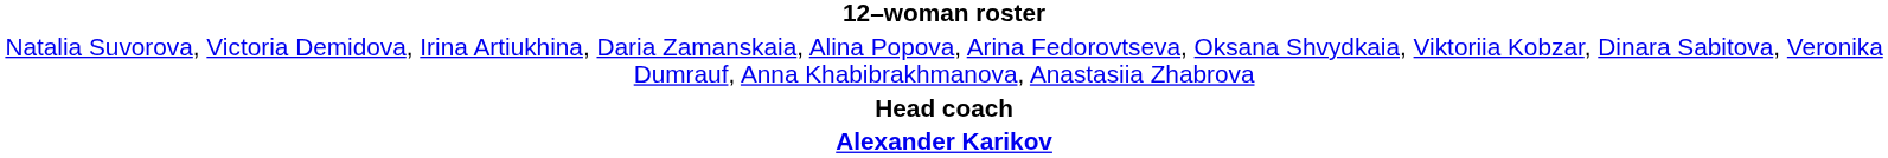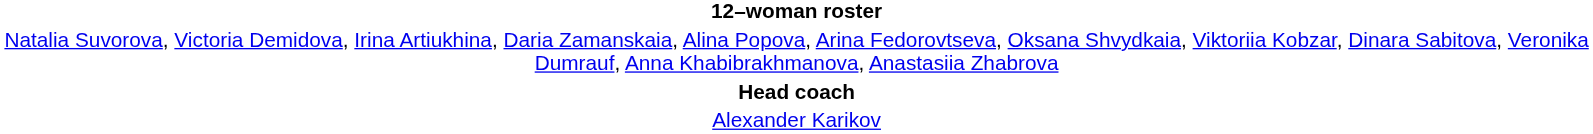 <table style="text-align: center; margin-top: 2em; margin-left: auto; margin-right: auto">
 <tr>
 <td><strong>12–woman roster</strong></td>
 </tr>
 <tr>
 <td><a href='#'>Natalia Suvorova</a>, <a href='#'>Victoria Demidova</a>, <a href='#'>Irina Artiukhina</a>, <a href='#'>Daria Zamanskaia</a>, <a href='#'>Alina Popova</a>, <a href='#'>Arina Fedorovtseva</a>, <a href='#'>Oksana Shvydkaia</a>, <a href='#'>Viktoriia Kobzar</a>, <a href='#'>Dinara Sabitova</a>, <a href='#'>Veronika Dumrauf</a>, <a href='#'>Anna Khabibrakhmanova</a>, <a href='#'>Anastasiia Zhabrova</a></td>
 </tr>
 <tr>
 <td><strong>Head coach</strong></td>
 </tr>
 <tr>
-<td><strong><a href='#'>Alexander Karikov</a></strong></td>
+<td><a href='#'>Alexander Karikov</a></td>
 </tr>
 </table>
